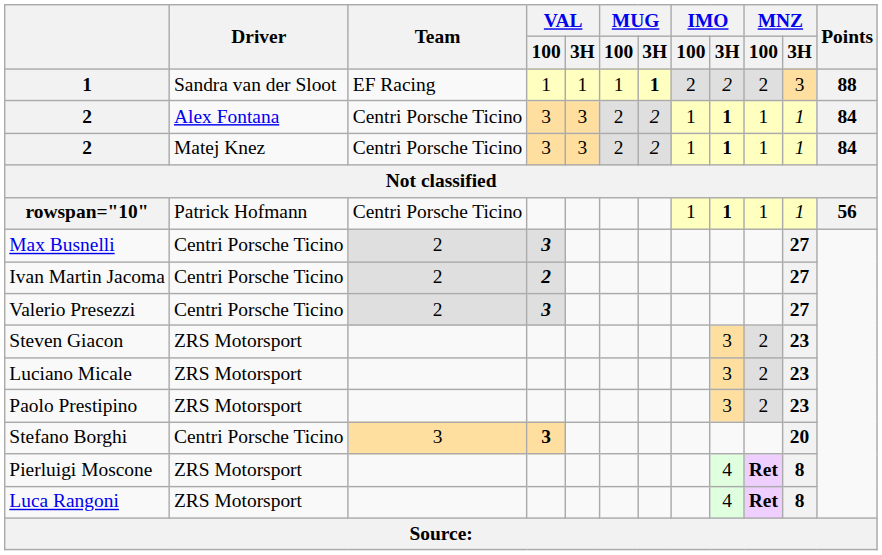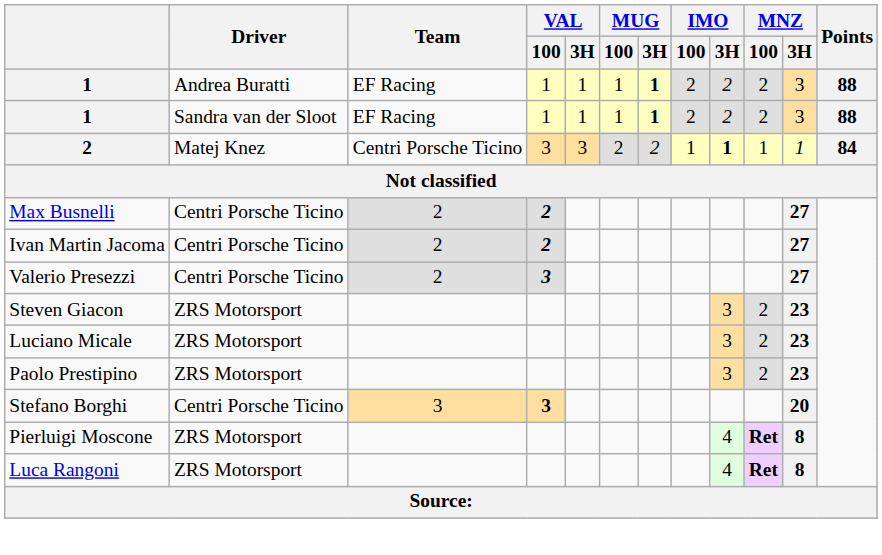 <table class="wikitable" style="font-size:85%; vertical-align:top; text-align:center">
 <tr>
 <th rowspan="2"></th>
 <th rowspan="2">Driver</th>
 <th rowspan="2">Team</th>
 <th colspan="2"><a href='#'>VAL</a><br></th>
 <th colspan="2"><a href='#'>MUG</a><br></th>
 <th colspan="2"><a href='#'>IMO</a><br></th>
 <th colspan="2"><a href='#'>MNZ</a><br></th>
 <th rowspan="2">Points</th>
 </tr>
 <tr>
 <th>100</th>
 <th>3H</th>
 <th>100</th>
 <th>3H</th>
 <th>100</th>
 <th>3H</th>
 <th>100</th>
 <th>3H</th>
 </tr>
 <tr>
 <th>1</th>
-<td style="text-align:left"> Sandra van der Sloot</td>
+<td style="text-align:left"> Andrea Buratti</td>
 <td style="text-align:left"> EF Racing</td>
 <td style="background:#FFFFBF">1</td>
 <td style="background:#FFFFBF">1</td>
 <td style="background:#FFFFBF">1</td>
 <td style="background:#FFFFBF"><strong>1</strong></td>
 <td style="background:#DFDFDF">2</td>
 <td style="background:#DFDFDF"><em>2</em></td>
 <td style="background:#DFDFDF">2</td>
 <td style="background:#FFDF9F">3</td>
 <th>88</th>
 </tr>
 <tr>
-<th>2</th>
-<td style="text-align:left"> <a href='#'>Alex Fontana</a></td>
-<td style="text-align:left"> Centri Porsche Ticino</td>
-<td style="background:#FFDF9F">3</td>
-<td style="background:#FFDF9F">3</td>
+<th>1</th>
+<td style="text-align:left"> Sandra van der Sloot</td>
+<td style="text-align:left"> EF Racing</td>
+<td style="background:#FFFFBF">1</td>
+<td style="background:#FFFFBF">1</td>
+<td style="background:#FFFFBF">1</td>
+<td style="background:#FFFFBF"><strong>1</strong></td>
 <td style="background:#DFDFDF">2</td>
 <td style="background:#DFDFDF"><em>2</em></td>
-<td style="background:#FFFFBF">1</td>
-<td style="background:#FFFFBF"><strong>1</strong></td>
-<td style="background:#FFFFBF">1</td>
-<td style="background:#FFFFBF"><em>1</em></td>
-<th>84</th>
+<td style="background:#DFDFDF">2</td>
+<td style="background:#FFDF9F">3</td>
+<th>88</th>
 </tr>
 <tr>
 <th>2</th>
 <td style="text-align:left"> Matej Knez</td>
 <td style="text-align:left"> Centri Porsche Ticino</td>
 <td style="background:#FFDF9F">3</td>
 <td style="background:#FFDF9F">3</td>
 <td style="background:#DFDFDF">2</td>
 <td style="background:#DFDFDF"><em>2</em></td>
 <td style="background:#FFFFBF">1</td>
 <td style="background:#FFFFBF"><strong>1</strong></td>
 <td style="background:#FFFFBF">1</td>
 <td style="background:#FFFFBF"><em>1</em></td>
 <th>84</th>
 </tr>
 <tr>
 <th colspan="12">Not classified</th>
 </tr>
 <tr>
-<th>rowspan="10" </th>
-<td style="text-align:left"> Patrick Hofmann</td>
-<td style="text-align:left"> Centri Porsche Ticino</td>
-<td style="background:#"></td>
-<td style="background:#"></td>
-<td style="background:#"></td>
-<td style="background:#"></td>
-<td style="background:#FFFFBF">1</td>
-<td style="background:#FFFFBF"><strong>1</strong></td>
-<td style="background:#FFFFBF">1</td>
-<td style="background:#FFFFBF"><em>1</em></td>
-<th>56</th>
-</tr>
-<tr>
 <td style="text-align:left"> <a href='#'>Max Busnelli</a></td>
 <td style="text-align:left"> Centri Porsche Ticino</td>
 <td style="background:#DFDFDF">2</td>
-<td style="background:#DFDFDF"><strong><em>3</em></strong></td>
+<td style="background:#DFDFDF"><strong><em>2</em></strong></td>
 <td style="background:#"></td>
 <td style="background:#"></td>
 <td style="background:#"></td>
 <td style="background:#"></td>
 <td style="background:#"></td>
 <td style="background:#"></td>
 <th>27</th>
 </tr>
 <tr>
 <td style="text-align:left"> Ivan Martin Jacoma</td>
 <td style="text-align:left"> Centri Porsche Ticino</td>
 <td style="background:#DFDFDF">2</td>
 <td style="background:#DFDFDF"><strong><em>2</em></strong></td>
 <td style="background:#"></td>
 <td style="background:#"></td>
 <td style="background:#"></td>
 <td style="background:#"></td>
 <td style="background:#"></td>
 <td style="background:#"></td>
 <th>27</th>
 </tr>
 <tr>
 <td style="text-align:left"> Valerio Presezzi</td>
 <td style="text-align:left"> Centri Porsche Ticino</td>
 <td style="background:#DFDFDF">2</td>
 <td style="background:#DFDFDF"><strong><em>3</em></strong></td>
 <td style="background:#"></td>
 <td style="background:#"></td>
 <td style="background:#"></td>
 <td style="background:#"></td>
 <td style="background:#"></td>
 <td style="background:#"></td>
 <th>27</th>
 </tr>
 <tr>
 <td style="text-align:left"> Steven Giacon</td>
 <td style="text-align:left"> ZRS Motorsport</td>
 <td style="background:#"></td>
 <td style="background:#"></td>
 <td style="background:#"></td>
 <td style="background:#"></td>
 <td style="background:#"></td>
 <td style="background:#"></td>
 <td style="background:#FFDF9F">3</td>
 <td style="background:#DFDFDF">2</td>
 <th>23</th>
 </tr>
 <tr>
 <td style="text-align:left"> Luciano Micale</td>
 <td style="text-align:left"> ZRS Motorsport</td>
 <td style="background:#"></td>
 <td style="background:#"></td>
 <td style="background:#"></td>
 <td style="background:#"></td>
 <td style="background:#"></td>
 <td style="background:#"></td>
 <td style="background:#FFDF9F">3</td>
 <td style="background:#DFDFDF">2</td>
 <th>23</th>
 </tr>
 <tr>
 <td style="text-align:left"> Paolo Prestipino</td>
 <td style="text-align:left"> ZRS Motorsport</td>
 <td style="background:#"></td>
 <td style="background:#"></td>
 <td style="background:#"></td>
 <td style="background:#"></td>
 <td style="background:#"></td>
 <td style="background:#"></td>
 <td style="background:#FFDF9F">3</td>
 <td style="background:#DFDFDF">2</td>
 <th>23</th>
 </tr>
 <tr>
 <td style="text-align:left"> Stefano Borghi</td>
 <td style="text-align:left"> Centri Porsche Ticino</td>
 <td style="background:#FFDF9F">3</td>
 <td style="background:#FFDF9F"><strong>3</strong></td>
 <td style="background:#"></td>
 <td style="background:#"></td>
 <td style="background:#"></td>
 <td style="background:#"></td>
 <td style="background:#"></td>
 <td style="background:#"></td>
 <th>20</th>
 </tr>
 <tr>
 <td style="text-align:left"> Pierluigi Moscone</td>
 <td style="text-align:left"> ZRS Motorsport</td>
 <td style="background:#"></td>
 <td style="background:#"></td>
 <td style="background:#"></td>
 <td style="background:#"></td>
 <td style="background:#"></td>
 <td style="background:#"></td>
 <td style="background:#DFFFDF">4</td>
 <td style="background:#EFCFFF"><strong>Ret</strong></td>
 <th>8</th>
 </tr>
 <tr>
 <td style="text-align:left"> <a href='#'>Luca Rangoni</a></td>
 <td style="text-align:left"> ZRS Motorsport</td>
 <td style="background:#"></td>
 <td style="background:#"></td>
 <td style="background:#"></td>
 <td style="background:#"></td>
 <td style="background:#"></td>
 <td style="background:#"></td>
 <td style="background:#DFFFDF">4</td>
 <td style="background:#EFCFFF"><strong>Ret</strong></td>
 <th>8</th>
 </tr>
 <tr>
 <th colspan="12">Source:</th>
 </tr>
 </table>
